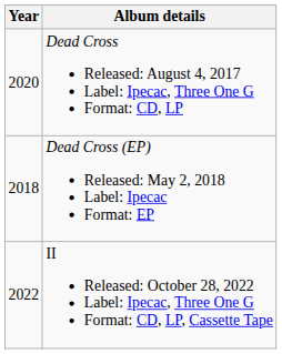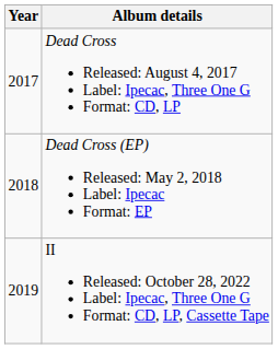 <table class="wikitable">
 <tr>
 <th>Year</th>
 <th>Album details</th>
 </tr>
 <tr>
-<td>2020</td>
+<td>2017</td>
 <td><em>Dead Cross</em><br><ul><li>Released: August 4, 2017</li><li>Label: <a href='#'>Ipecac</a>, <a href='#'>Three One G</a></li><li>Format: <a href='#'>CD</a>, <a href='#'>LP</a></li></ul></td>
 </tr>
 <tr>
 <td>2018</td>
 <td><em>Dead Cross (EP)</em><br><ul><li>Released: May 2, 2018</li><li>Label: <a href='#'>Ipecac</a></li><li>Format: <a href='#'>EP</a></li></ul></td>
 </tr>
 <tr>
-<td>2022</td>
+<td>2019</td>
 <td>II<br><ul><li>Released: October 28, 2022</li><li>Label: <a href='#'>Ipecac</a>, <a href='#'>Three One G</a></li><li>Format: <a href='#'>CD</a>, <a href='#'>LP</a>, <a href='#'>Cassette Tape</a></li></ul></td>
 </tr>
 </table>
